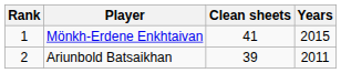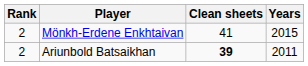 <table class=wikitable style="text-align:center;">
 <tr>
 <th>Rank</th>
 <th>Player</th>
 <th>Clean sheets</th>
 <th>Years</th>
 </tr>
 <tr>
-<td>1</td>
+<td>2</td>
 <td align=left> <a href='#'>Mönkh-Erdene Enkhtaivan</a></td>
 <td>41</td>
 <td>2015</td>
 </tr>
 <tr>
 <td>2</td>
 <td align=left> Ariunbold Batsaikhan</td>
-<td>39</td>
+<td><strong>39</strong></td>
 <td>2011</td>
 </tr>
 </table>
